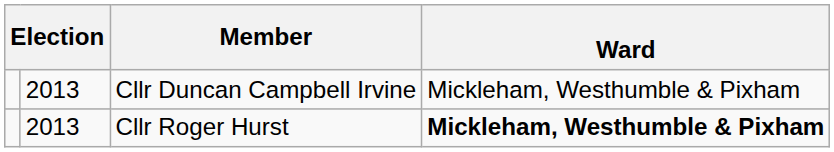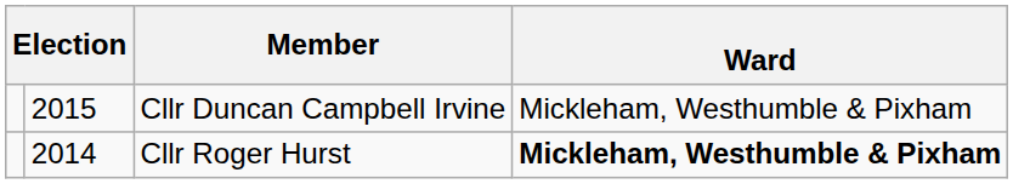 <table class="wikitable">
 <tr>
 <th colspan="2">Election</th>
 <th>Member</th>
 <th><br>Ward</th>
 </tr>
 <tr>
 <td style="background-color: "></td>
-<td>2013</td>
+<td>2015</td>
 <td>Cllr Duncan Campbell Irvine</td>
 <td>Mickleham, Westhumble & Pixham</td>
 </tr>
 <tr>
 <td style="background-color: "></td>
-<td>2013</td>
+<td>2014</td>
 <td>Cllr Roger Hurst</td>
 <td><strong>Mickleham, Westhumble & Pixham</strong></td>
 </tr>
 </table>
